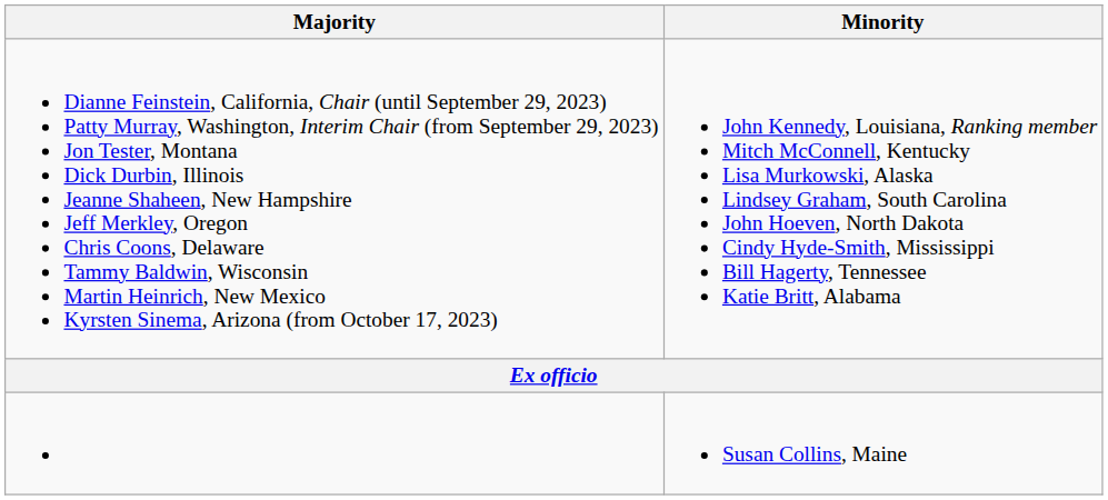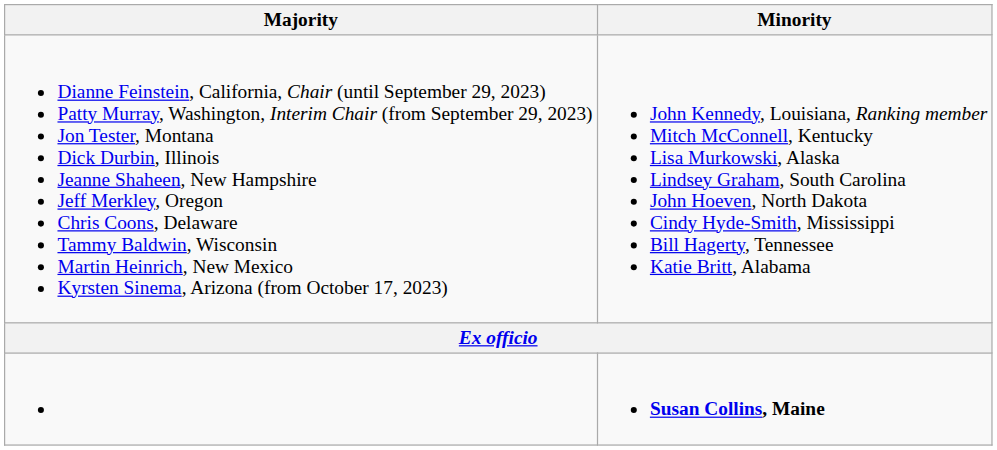 <table class=wikitable>
 <tr>
 <th>Majority</th>
 <th>Minority</th>
 </tr>
 <tr>
 <td><br><ul><li><a href='#'>Dianne Feinstein</a>, California, <em>Chair</em> (until September 29, 2023)</li><li><a href='#'>Patty Murray</a>, Washington, <em>Interim Chair</em> (from September 29, 2023)</li><li><a href='#'>Jon Tester</a>, Montana</li><li><a href='#'>Dick Durbin</a>, Illinois</li><li><a href='#'>Jeanne Shaheen</a>, New Hampshire</li><li><a href='#'>Jeff Merkley</a>, Oregon</li><li><a href='#'>Chris Coons</a>, Delaware</li><li><a href='#'>Tammy Baldwin</a>, Wisconsin</li><li><a href='#'>Martin Heinrich</a>, New Mexico</li><li><span><a href='#'>Kyrsten Sinema</a>, Arizona (from October 17, 2023)</span></li></ul></td>
 <td><br><ul><li><a href='#'>John Kennedy</a>, Louisiana, <em>Ranking member</em></li><li><a href='#'>Mitch McConnell</a>, Kentucky</li><li><a href='#'>Lisa Murkowski</a>, Alaska</li><li><a href='#'>Lindsey Graham</a>, South Carolina</li><li><a href='#'>John Hoeven</a>, North Dakota</li><li><a href='#'>Cindy Hyde-Smith</a>, Mississippi</li><li><a href='#'>Bill Hagerty</a>, Tennessee</li><li><a href='#'>Katie Britt</a>, Alabama</li></ul></td>
 </tr>
 <tr>
 <th colspan=2 align=center><em><a href='#'>Ex officio</a></em></th>
 </tr>
 <tr>
 <td><br><ul><li></li></ul></td>
-<td><br><ul><li><a href='#'>Susan Collins</a>, Maine</li></ul></td>
+<td><strong><br><ul><li><a href='#'>Susan Collins</a>, Maine</li></ul></strong></td>
 </tr>
 </table>
